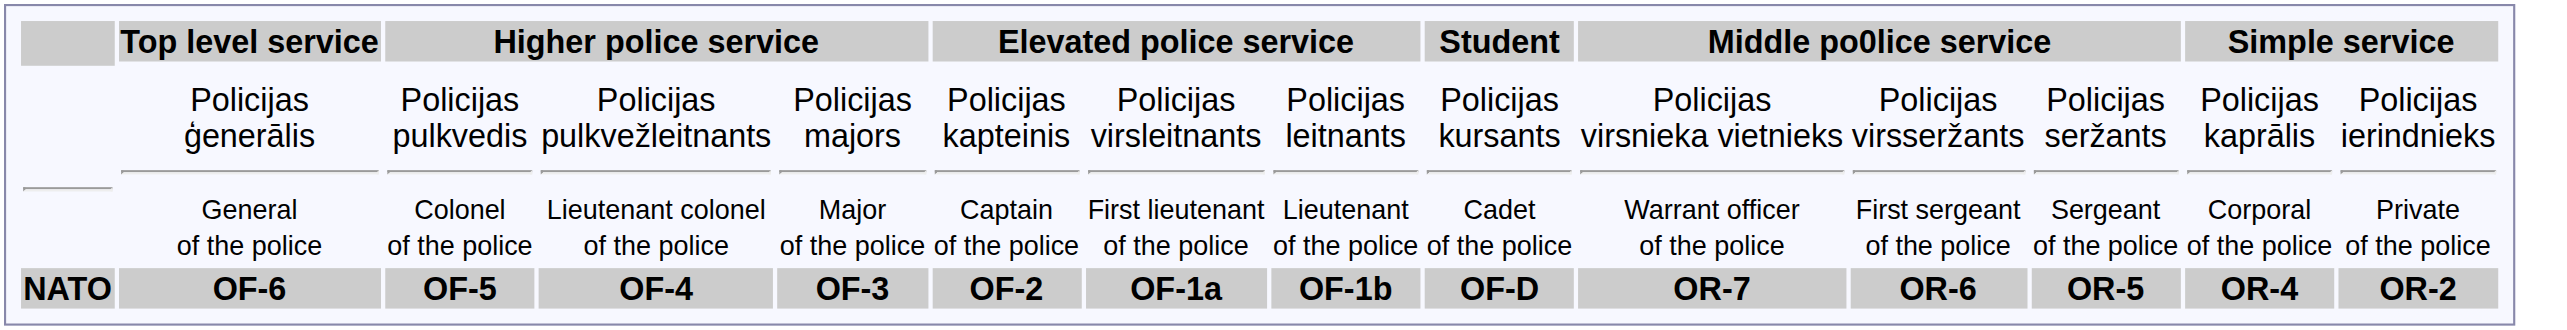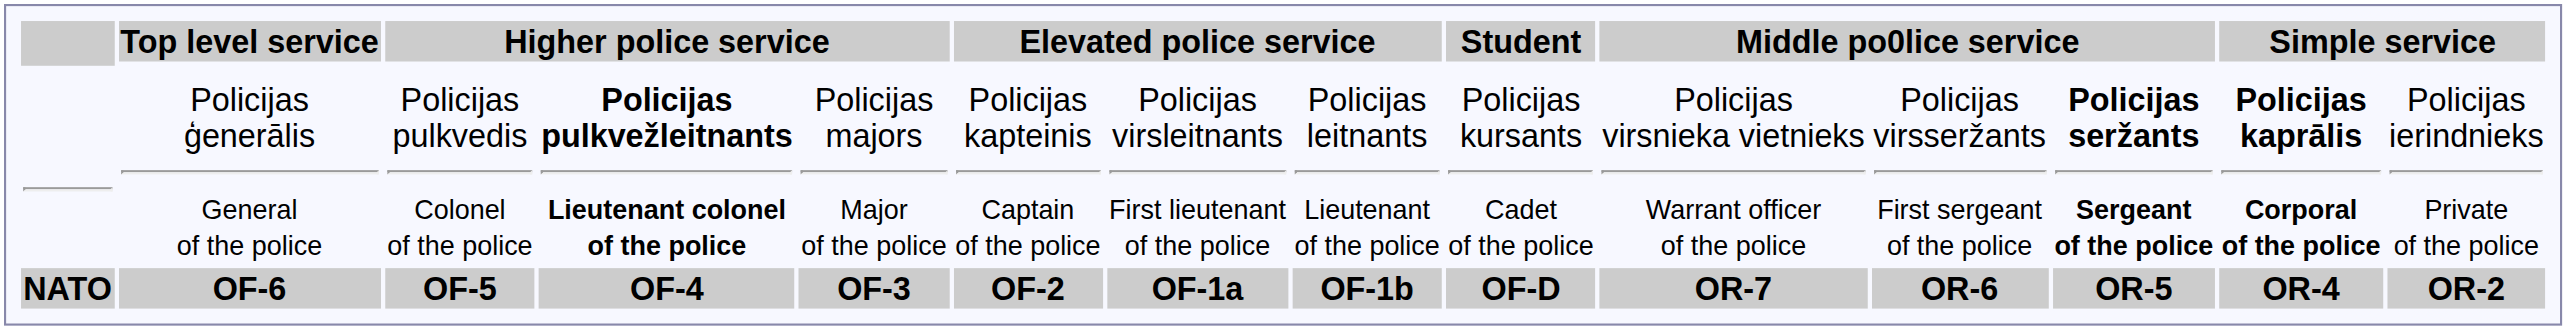 <table style="border:1px solid #8888aa; background-color:#f7f8ff; padding:5px; font-size:95%; margin: 0px 12px 12px 0px;">
 <tr style="background-color:#cccccc;">
 <td rowspan="2"></td>
 <th colspan="1">Top level service</th>
 <th colspan="3">Higher police service</th>
 <th colspan="3">Elevated police service</th>
 <th colspan="1">Student</th>
 <th colspan="3">Middle po0lice service</th>
 <th colspan="2">Simple service</th>
 </tr>
 <tr style="text-align:center;">
 </tr>
 <tr align="center">
 <td></td>
 <td></td>
 <td></td>
 <td></td>
 <td></td>
 <td></td>
 <td></td>
 <td></td>
 <td></td>
 <td></td>
 <td></td>
 <td></td>
 <td></td>
 </tr>
 <tr align="center">
 <td><br><hr></td>
 <td>Policijas <br>ģenerālis <br><hr><small>General <br>of the police</small></td>
 <td>Policijas <br>pulkvedis <br><hr><small>Colonel <br>of the police</small></td>
-<td>Policijas <br>pulkvežleitnants <br><hr><small>Lieutenant colonel <br>of the police</small></td>
+<td><strong>Policijas <br>pulkvežleitnants <br><hr><small>Lieutenant colonel <br>of the police</small></strong></td>
 <td>Policijas <br>majors <br><hr><small>Major <br>of the police</small></td>
 <td>Policijas <br>kapteinis <br><hr><small>Captain <br>of the police</small></td>
 <td>Policijas <br>virsleitnants <br><hr><small>First lieutenant <br>of the police</small></td>
 <td>Policijas <br>leitnants <br><hr><small>Lieutenant <br>of the police</small></td>
 <td>Policijas <br>kursants <br><hr><small>Cadet <br>of the police</small></td>
 <td>Policijas <br>virsnieka vietnieks <br><hr><small>Warrant officer <br>of the police</small></td>
 <td>Policijas <br>virsseržants <br><hr><small>First sergeant <br>of the police</small></td>
-<td>Policijas <br>seržants <br><hr><small>Sergeant <br>of the police</small></td>
-<td>Policijas <br>kaprālis<br><hr><small>Corporal <br>of the police</small></td>
+<td><strong>Policijas <br>seržants <br><hr><small>Sergeant <br>of the police</small></strong></td>
+<td><strong>Policijas <br>kaprālis<br><hr><small>Corporal <br>of the police</small></strong></td>
 <td>Policijas <br>ierindnieks <br><hr><small>Private <br>of the police</small></td>
 </tr>
 <tr style="background-color:#cccccc;">
 <th>NATO</th>
 <th>OF-6</th>
 <th>OF-5</th>
 <th>OF-4</th>
 <th>OF-3</th>
 <th>OF-2</th>
 <th>OF-1a</th>
 <th>OF-1b</th>
 <th>OF-D</th>
 <th>OR-7</th>
 <th>OR-6</th>
 <th>OR-5</th>
 <th>OR-4</th>
 <th>OR-2</th>
 </tr>
 </table>
